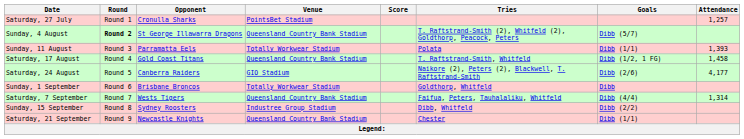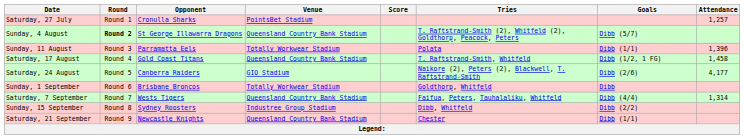 <table class="wikitable" style="font-size:75%;">
 <tr>
 <th style="width:140px;">Date</th>
 <th style="width:50px;">Round</th>
 <th style="width:160px;">Opponent</th>
 <th style="width:200px;">Venue</th>
 <th style="width:50px;">Score</th>
 <th style="width:270px;">Tries</th>
 <th style="width:145px;">Goals</th>
 <th style="width:60px;">Attendance</th>
 </tr>
 <tr style="background:#FFCFCF">
 <td>Saturday, 27 July</td>
 <td style="text-align:center;">Round 1</td>
 <td> <a href='#'>Cronulla Sharks</a></td>
 <td><a href='#'>PointsBet Stadium</a></td>
 <td style="text-align:center;"></td>
 <td></td>
 <td></td>
 <td style="text-align:center;">1,257</td>
 </tr>
 <tr style="background:#CCFFCC">
 <td>Sunday, 4 August</td>
 <td style="text-align:center;"><strong>Round 2</strong></td>
 <td> <a href='#'>St George Illawarra Dragons</a></td>
 <td><a href='#'>Queensland Country Bank Stadium</a></td>
 <td style="text-align:center;"></td>
 <td><a href='#'>T. Raftstrand-Smith</a> (2), <a href='#'>Whitfeld</a> (2), <a href='#'>Goldthorp</a>, <a href='#'>Peacock</a>, <a href='#'>Peters</a></td>
 <td><a href='#'>Dibb</a> (5/7)</td>
 <td style="text-align:center;"></td>
 </tr>
 <tr style="background:#FFCFCF">
 <td>Sunday, 11 August</td>
 <td style="text-align:center;">Round 3</td>
 <td> <a href='#'>Parramatta Eels</a></td>
 <td><a href='#'>Totally Workwear Stadium</a></td>
 <td style="text-align:center;"></td>
 <td><a href='#'>Polata</a></td>
 <td><a href='#'>Dibb</a> (1/1)</td>
-<td style="text-align:center;">1,393</td>
+<td style="text-align:center;">1,396</td>
 </tr>
 <tr style="background:#CCFFCC">
 <td>Saturday, 17 August</td>
 <td style="text-align:center;">Round 4</td>
 <td> <a href='#'>Gold Coast Titans</a></td>
 <td><a href='#'>Queensland Country Bank Stadium</a></td>
 <td style="text-align:center;"></td>
 <td><a href='#'>T. Raftstrand-Smith</a>, <a href='#'>Whitfeld</a></td>
 <td><a href='#'>Dibb</a> (1/2, 1 FG)</td>
 <td style="text-align:center;">1,458</td>
 </tr>
 <tr style="background:#CCFFCC">
 <td>Saturday, 24 August</td>
 <td style="text-align:center;">Round 5</td>
 <td> <a href='#'>Canberra Raiders</a></td>
 <td><a href='#'>GIO Stadium</a></td>
 <td style="text-align:center;"></td>
 <td><a href='#'>Naikore</a> (2), <a href='#'>Peters</a> (2), <a href='#'>Blackwell</a>, <a href='#'>T. Raftstrand-Smith</a></td>
 <td><a href='#'>Dibb</a> (2/6)</td>
 <td style="text-align:center;">4,177</td>
 </tr>
 <tr style="background:#FFCFCF">
 <td>Sunday, 1 September</td>
 <td style="text-align:center;">Round 6</td>
 <td> <a href='#'>Brisbane Broncos</a></td>
 <td><a href='#'>Totally Workwear Stadium</a></td>
 <td style="text-align:center;"></td>
 <td><a href='#'>Goldthorp</a>, <a href='#'>Whitfeld</a></td>
 <td><a href='#'>Dibb</a></td>
 <td style="text-align:center;"></td>
 </tr>
 <tr style="background:#CCFFCC">
 <td>Saturday, 7 September</td>
 <td style="text-align:center;">Round 7</td>
 <td> <a href='#'>Wests Tigers</a></td>
 <td><a href='#'>Queensland Country Bank Stadium</a></td>
 <td style="text-align:center;"></td>
 <td><a href='#'>Faifua</a>, <a href='#'>Peters</a>, <a href='#'>Tauhalaliku</a>, <a href='#'>Whitfeld</a></td>
 <td><a href='#'>Dibb</a> (4/4)</td>
 <td style="text-align:center;">1,314</td>
 </tr>
 <tr style="background:#FFCFCF">
 <td>Sunday, 15 September</td>
 <td style="text-align:center;">Round 8</td>
 <td> <a href='#'>Sydney Roosters</a></td>
 <td><a href='#'>Industree Group Stadium</a></td>
 <td style="text-align:center;"></td>
 <td><a href='#'>Dibb</a>, <a href='#'>Whitfeld</a></td>
 <td><a href='#'>Dibb</a> (2/2)</td>
 <td style="text-align:center;"></td>
 </tr>
 <tr style="background:#FFCFCF">
 <td>Saturday, 21 September</td>
 <td style="text-align:center;">Round 9</td>
 <td> <a href='#'>Newcastle Knights</a></td>
 <td><a href='#'>Queensland Country Bank Stadium</a></td>
 <td style="text-align:center;"></td>
 <td><a href='#'>Chester</a></td>
 <td><a href='#'>Dibb</a> (1/1)</td>
 <td style="text-align:center;"></td>
 </tr>
 <tr>
 <th colspan="11"><strong>Legend</strong>:    </th>
 </tr>
 </table>
